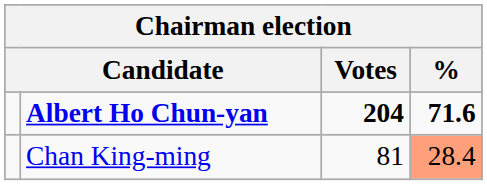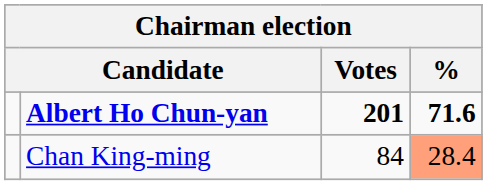 <table class="wikitable" style="text-align:right; width:280px">
 <tr>
 <th colspan=4>Chairman election </th>
 </tr>
 <tr>
 <th colspan=2>Candidate</th>
 <th>Votes</th>
 <th>%</th>
 </tr>
 <tr>
 <td></td>
 <td align=left><strong><a href='#'>Albert Ho Chun-yan</a></strong></td>
-<td><strong>204</strong></td>
+<td><strong>201</strong></td>
 <td><strong>71.6</strong></td>
 </tr>
 <tr>
 <td></td>
 <td align=left><a href='#'>Chan King-ming</a></td>
-<td>81</td>
+<td>84</td>
 <td style="background: lightsalmon;">28.4</td>
 </tr>
 </table>
